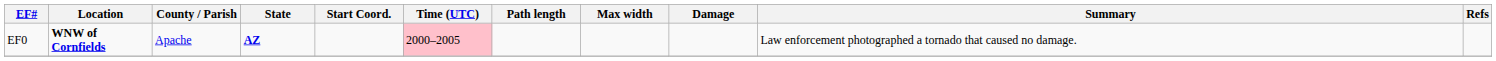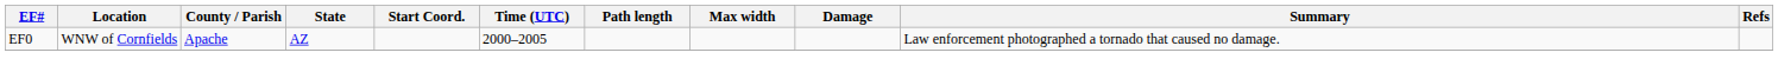 <table class="wikitable sortable" style="width:100%;">
 <tr>
 <th scope="col" width="3%" align="center"><a href='#'>EF#</a></th>
 <th scope="col" width="7%" align="center" class="unsortable">Location</th>
 <th scope="col" width="6%" align="center" class="unsortable">County / Parish</th>
 <th scope="col" width="5%" align="center">State</th>
 <th scope="col" width="6%" align="center">Start Coord.</th>
 <th scope="col" width="6%" align="center">Time (<a href='#'>UTC</a>)</th>
 <th scope="col" width="6%" align="center">Path length</th>
 <th scope="col" width="6%" align="center">Max width</th>
 <th scope="col" width="6%" align="center">Damage</th>
 <th scope="col" width="48%" class="unsortable" align="center">Summary</th>
 <th scope="col" width="48%" class="unsortable" align="center">Refs</th>
 </tr>
 <tr>
 <td>EF0</td>
-<td><strong>WNW of <a href='#'>Cornfields</a></strong></td>
+<td>WNW of <a href='#'>Cornfields</a></td>
 <td><a href='#'>Apache</a></td>
-<td><strong><a href='#'>AZ</a></strong></td>
+<td><a href='#'>AZ</a></td>
 <td></td>
-<td style="background: pink;">2000–2005</td>
+<td>2000–2005</td>
 <td></td>
 <td></td>
 <td></td>
 <td>Law enforcement photographed a tornado that caused no damage.</td>
 <td></td>
 </tr>
 <tr>
 </tr>
 </table>
